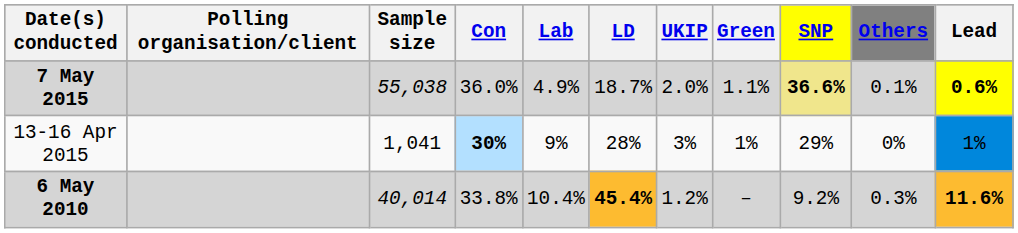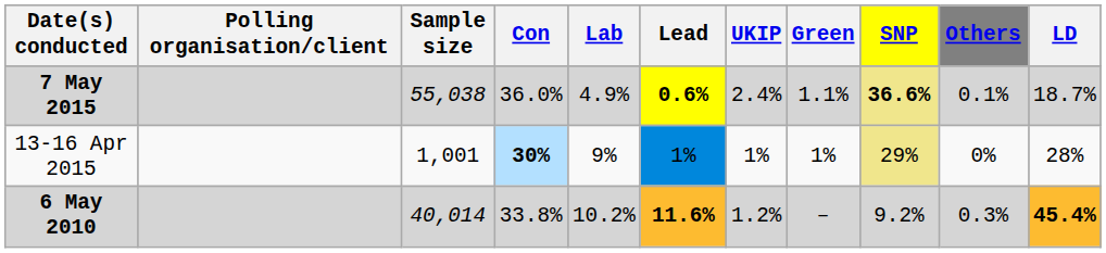 <table class="wikitable sortable" style="text-align:center;font-size:90%;line-height:14px">
 <tr>
 <th ! style="width:100px;">Date(s)<br>conducted</th>
 <th style="width:200px;">Polling organisation/client</th>
 <th class="unsortable" style="width:75px;">Sample size</th>
 <th class="unsortable" style="background:"><a href='#'><span>Con</span></a></th>
 <th class="unsortable" style="background:"><a href='#'><span>Lab</span></a></th>
-<th class="unsortable" style="background:"><a href='#'><span>LD</span></a></th>
+<th class="unsortable" style="width:90px;">Lead</th>
 <th class="unsortable" style="background:"><a href='#'><span>UKIP</span></a></th>
 <th class="unsortable" style="background:"><a href='#'><span>Green</span></a></th>
 <th class="unsortable" style="background:#ffff00; width:60px;"><a href='#'><span>SNP</span></a></th>
 <th class="unsortable" style="background:gray; width:60px;"><a href='#'><span>Others</span></a></th>
-<th class="unsortable" style="width:90px;">Lead</th>
+<th class="unsortable" style="background:"><a href='#'><span>LD</span></a></th>
 </tr>
 <tr>
 <td style="background:#D5D5D5"><strong>7 May 2015</strong></td>
 <td style="background:#D5D5D5"></td>
 <td style="background:#D5D5D5"><em>55,038</em></td>
 <td style="background:#D5D5D5">36.0%</td>
 <td style="background:#D5D5D5">4.9%</td>
-<td style="background:#D5D5D5">18.7%</td>
-<td style="background:#D5D5D5">2.0%</td>
+<td style="background:#ffff00"><strong>0.6% </strong></td>
+<td style="background:#D5D5D5">2.4%</td>
 <td style="background:#D5D5D5">1.1%</td>
 <td style="background:khaki"><strong>36.6%</strong></td>
 <td style="background:#D5D5D5">0.1%</td>
-<td style="background:#ffff00"><strong>0.6% </strong></td>
+<td style="background:#D5D5D5">18.7%</td>
 </tr>
 <tr>
 <td>13-16 Apr 2015</td>
 <td> </td>
-<td>1,041</td>
+<td>1,001</td>
 <td style="background:#B3E0FF"><strong>30%</strong></td>
 <td>9%</td>
+<td style="background:#0087dc"><span>1% </span></td>
+<td>1%</td>
+<td>1%</td>
+<td style="background: khaki;">29%</td>
+<td>0%</td>
 <td>28%</td>
-<td>3%</td>
-<td>1%</td>
-<td>29%</td>
-<td>0%</td>
-<td style="background:#0087dc"><span>1% </span></td>
 </tr>
 <tr>
 <td style="background:#D5D5D5"><strong>6 May 2010</strong></td>
 <td style="background:#D5D5D5"></td>
 <td style="background:#D5D5D5"><em>40,014</em></td>
 <td style="background:#D5D5D5">33.8%</td>
-<td style="background:#D5D5D5">10.4%</td>
-<td style="background:#fdbb30"><strong>45.4%</strong></td>
+<td style="background:#D5D5D5">10.2%</td>
+<td style="background:#fdbb30"><span><strong>11.6% </strong></span></td>
 <td style="background:#D5D5D5">1.2%</td>
 <td style="background:#D5D5D5">–</td>
 <td style="background:#D5D5D5">9.2%</td>
 <td style="background:#D5D5D5">0.3%</td>
-<td style="background:#fdbb30"><span><strong>11.6% </strong></span></td>
+<td style="background:#fdbb30"><strong>45.4%</strong></td>
 </tr>
 </table>
